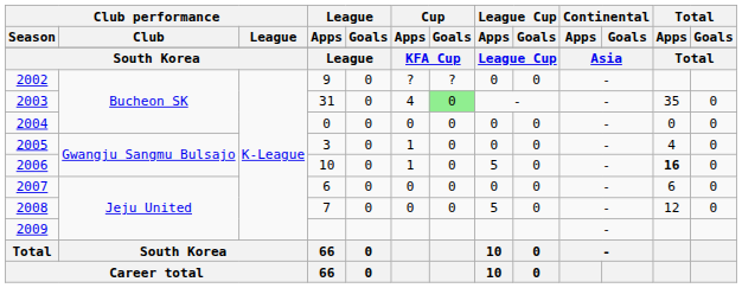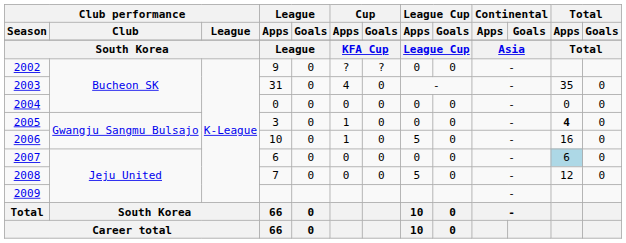 <table class="wikitable" style="text-align:center">
 <tr>
 <th colspan=3>Club performance</th>
 <th colspan=2>League</th>
 <th colspan=2>Cup</th>
 <th colspan=2>League Cup</th>
 <th colspan=2>Continental</th>
 <th colspan=2>Total</th>
 </tr>
 <tr>
 <th>Season</th>
 <th>Club</th>
 <th>League</th>
 <th>Apps</th>
 <th>Goals</th>
 <th>Apps</th>
 <th>Goals</th>
 <th>Apps</th>
 <th>Goals</th>
 <th>Apps</th>
 <th>Goals</th>
 <th>Apps</th>
 <th>Goals</th>
 </tr>
 <tr>
 </tr>
 <tr>
 <th colspan=3>South Korea</th>
 <th colspan=2>League</th>
 <th colspan=2><a href='#'>KFA Cup</a></th>
 <th colspan=2><a href='#'>League Cup</a></th>
 <th colspan=2><a href='#'>Asia</a></th>
 <th colspan=2>Total</th>
 </tr>
 <tr>
 <td><a href='#'>2002</a></td>
 <td rowspan="3"><a href='#'>Bucheon SK</a></td>
 <td rowspan="8"><a href='#'>K-League</a></td>
 <td>9</td>
 <td>0</td>
 <td>?</td>
 <td>?</td>
 <td>0</td>
 <td>0</td>
 <td colspan="2">-</td>
 <td></td>
 <td></td>
 </tr>
 <tr>
 <td><a href='#'>2003</a></td>
 <td>31</td>
 <td>0</td>
 <td>4</td>
-<td style="background: lightgreen;">0</td>
+<td>0</td>
 <td colspan="2">-</td>
 <td colspan="2">-</td>
 <td>35</td>
 <td>0</td>
 </tr>
 <tr>
 <td><a href='#'>2004</a></td>
 <td>0</td>
 <td>0</td>
 <td>0</td>
 <td>0</td>
 <td>0</td>
 <td>0</td>
 <td colspan="2">-</td>
 <td>0</td>
 <td>0</td>
 </tr>
 <tr>
 <td><a href='#'>2005</a></td>
 <td rowspan="2"><a href='#'>Gwangju Sangmu Bulsajo</a></td>
 <td>3</td>
 <td>0</td>
 <td>1</td>
 <td>0</td>
 <td>0</td>
 <td>0</td>
 <td colspan="2">-</td>
-<td>4</td>
+<td><strong>4</strong></td>
 <td>0</td>
 </tr>
 <tr>
 <td><a href='#'>2006</a></td>
 <td>10</td>
 <td>0</td>
 <td>1</td>
 <td>0</td>
 <td>5</td>
 <td>0</td>
 <td colspan="2">-</td>
-<td><strong>16</strong></td>
+<td>16</td>
 <td>0</td>
 </tr>
 <tr>
 <td><a href='#'>2007</a></td>
 <td rowspan="3"><a href='#'>Jeju United</a></td>
 <td>6</td>
 <td>0</td>
 <td>0</td>
 <td>0</td>
 <td>0</td>
 <td>0</td>
 <td colspan="2">-</td>
-<td>6</td>
+<td style="background: lightblue;">6</td>
 <td>0</td>
 </tr>
 <tr>
 <td><a href='#'>2008</a></td>
 <td>7</td>
 <td>0</td>
 <td>0</td>
 <td>0</td>
 <td>5</td>
 <td>0</td>
 <td colspan="2">-</td>
 <td>12</td>
 <td>0</td>
 </tr>
 <tr>
 <td><a href='#'>2009</a></td>
 <td></td>
 <td></td>
 <td></td>
 <td></td>
 <td></td>
 <td></td>
 <td colspan="2">-</td>
 <td></td>
 <td></td>
 </tr>
 <tr>
 <th rowspan=1>Total</th>
 <th colspan=2>South Korea</th>
 <th>66</th>
 <th>0</th>
 <th></th>
 <th></th>
 <th>10</th>
 <th>0</th>
 <th colspan="2">-</th>
 <th></th>
 <th></th>
 </tr>
 <tr>
 <th colspan=3>Career total</th>
 <th>66</th>
 <th>0</th>
 <th></th>
 <th></th>
 <th>10</th>
 <th>0</th>
 <th></th>
 <th></th>
 <th></th>
 <th></th>
 </tr>
 </table>
